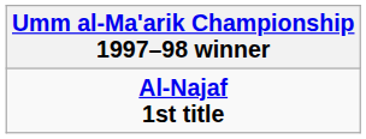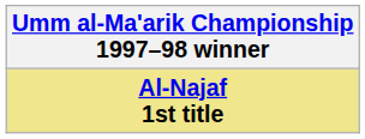 <table class="wikitable" style="text-align: center; margin: 0 auto;">
 <tr>
 <th><a href='#'>Umm al-Ma'arik Championship</a><br>1997–98 winner</th>
 </tr>
 <tr>
-<td><strong><a href='#'>Al-Najaf</a></strong><br><strong>1st title</strong></td>
+<td style="background: khaki;"><strong><a href='#'>Al-Najaf</a></strong><br><strong>1st title</strong></td>
 </tr>
 </table>
